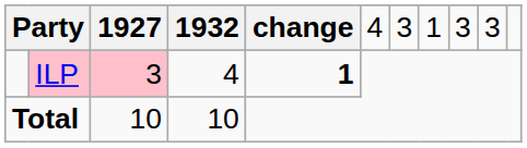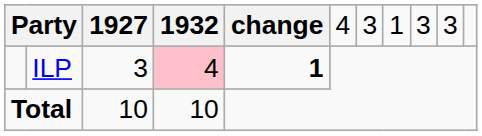 <table class="wikitable" style="text-align:right;">
 <tr>
 <th colspan="2">Party</th>
 <th>1927</th>
 <th>1932</th>
 <th>change<br></th>
 <td>4</td>
 <td>3</td>
 <td>1<br></td>
 <td>3</td>
 <td>3</td>
 <td></td>
 </tr>
 <tr>
 <td> </td>
-<td style="background: pink; text-align:left;"><a href='#'>ILP</a></td>
-<td style="background: pink;">3</td>
-<td>4</td>
+<td style="text-align:left;"><a href='#'>ILP</a></td>
+<td>3</td>
+<td style="background: pink;">4</td>
 <td><strong>1</strong></td>
 </tr>
 <tr>
 <td colspan="2" style="text-align:left;"><strong>Total</strong></td>
 <td>10</td>
 <td>10</td>
 </tr>
 </table>
